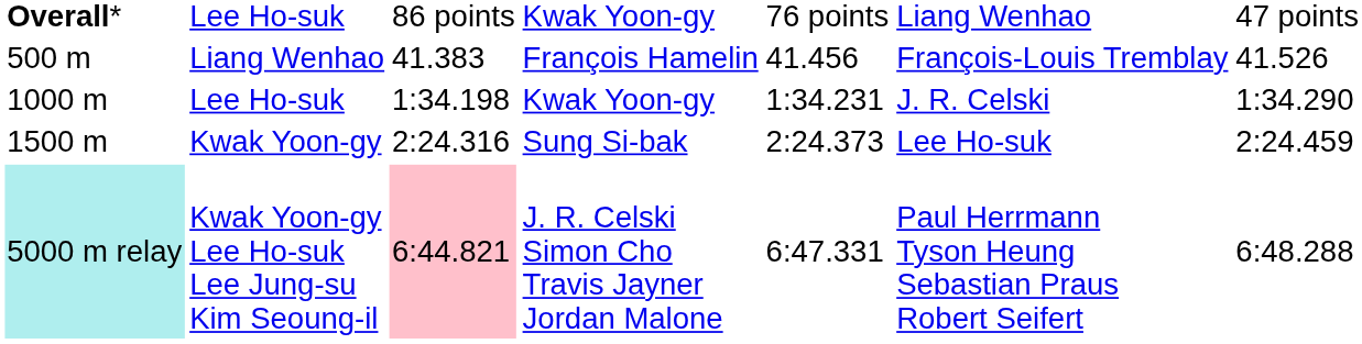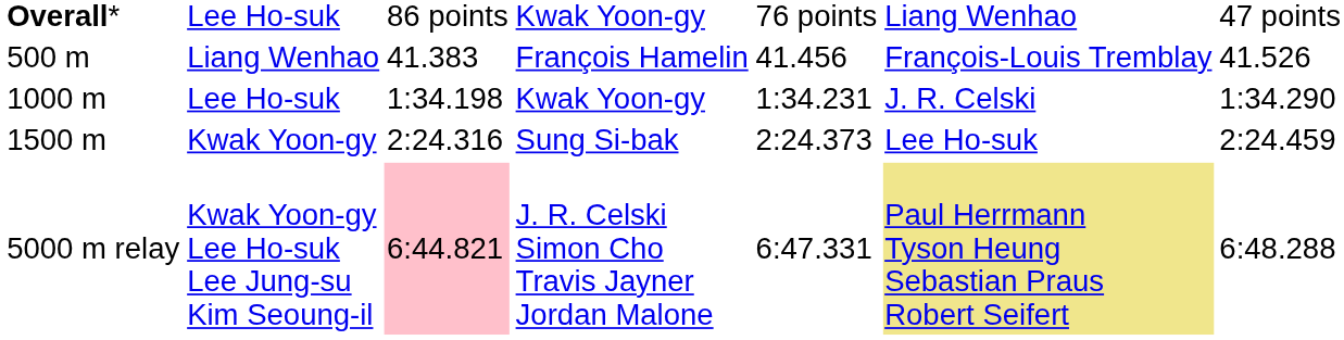 <table>
 <tr>
 <td><strong>Overall</strong>*</td>
 <td><a href='#'>Lee Ho-suk</a><br></td>
 <td>86 points</td>
 <td><a href='#'>Kwak Yoon-gy</a><br></td>
 <td>76 points</td>
 <td><a href='#'>Liang Wenhao</a><br></td>
 <td>47 points</td>
 </tr>
 <tr>
 <td>500 m</td>
 <td><a href='#'>Liang Wenhao</a><br></td>
 <td>41.383</td>
 <td><a href='#'>François Hamelin</a><br></td>
 <td>41.456</td>
 <td><a href='#'>François-Louis Tremblay</a><br></td>
 <td>41.526</td>
 </tr>
 <tr>
 <td>1000 m</td>
 <td><a href='#'>Lee Ho-suk</a><br></td>
 <td>1:34.198</td>
 <td><a href='#'>Kwak Yoon-gy</a><br></td>
 <td>1:34.231</td>
 <td><a href='#'>J. R. Celski</a><br></td>
 <td>1:34.290</td>
 </tr>
 <tr>
 <td>1500 m</td>
 <td><a href='#'>Kwak Yoon-gy</a><br></td>
 <td>2:24.316</td>
 <td><a href='#'>Sung Si-bak</a><br></td>
 <td>2:24.373</td>
 <td><a href='#'>Lee Ho-suk</a><br></td>
 <td>2:24.459</td>
 </tr>
 <tr>
-<td style="background: paleturquoise;">5000 m relay</td>
+<td>5000 m relay</td>
 <td><br><a href='#'>Kwak Yoon-gy</a><br><a href='#'>Lee Ho-suk</a><br><a href='#'>Lee Jung-su</a><br><a href='#'>Kim Seoung-il</a></td>
 <td style="background: pink;">6:44.821</td>
 <td><br><a href='#'>J. R. Celski</a><br><a href='#'>Simon Cho</a><br><a href='#'>Travis Jayner</a><br><a href='#'>Jordan Malone</a></td>
 <td>6:47.331</td>
-<td><br><a href='#'>Paul Herrmann</a><br><a href='#'>Tyson Heung</a><br><a href='#'>Sebastian Praus</a><br><a href='#'>Robert Seifert</a></td>
+<td style="background: khaki;"><br><a href='#'>Paul Herrmann</a><br><a href='#'>Tyson Heung</a><br><a href='#'>Sebastian Praus</a><br><a href='#'>Robert Seifert</a></td>
 <td>6:48.288</td>
 </tr>
 </table>
